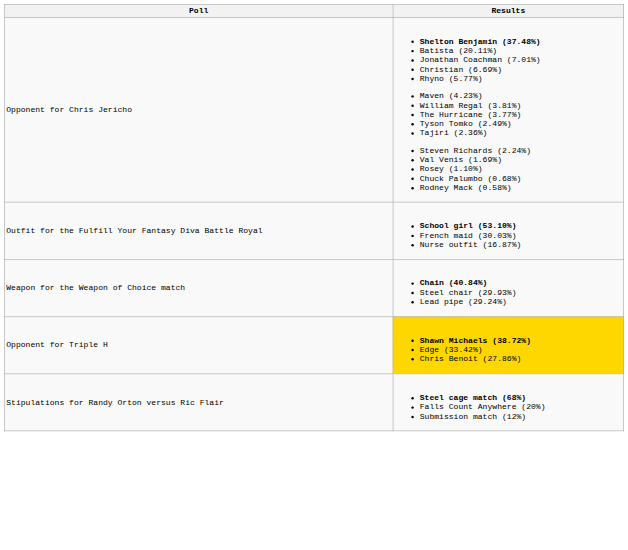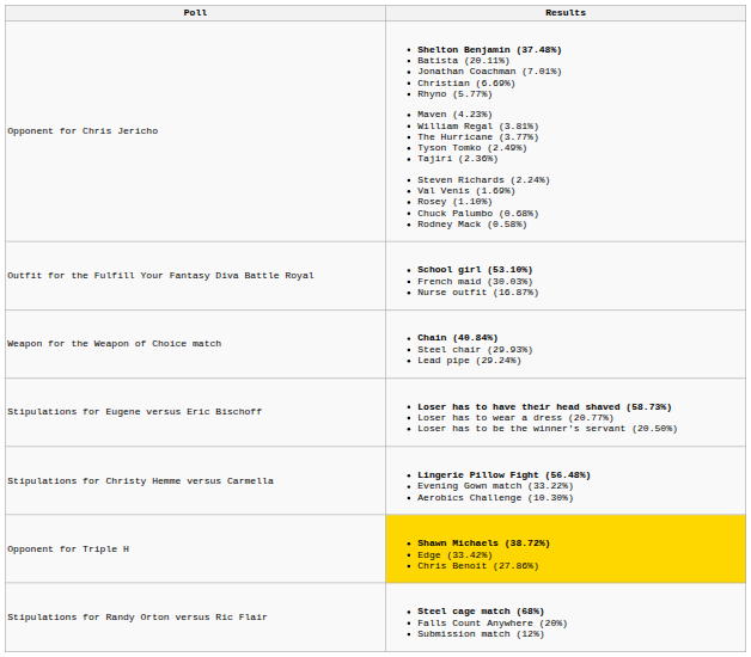 <table class="wikitable" width="1000">
 <tr>
 <th>Poll</th>
 <th>Results</th>
 </tr>
 <tr>
 <td>Opponent for Chris Jericho</td>
 <td><br> <ul><li><strong>Shelton Benjamin (37.48%)</strong></li><li>Batista (20.11%)</li><li>Jonathan Coachman (7.01%)</li><li>Christian (6.69%)</li><li>Rhyno (5.77%)</li></ul><ul><li>Maven (4.23%)</li><li>William Regal (3.81%)</li><li>The Hurricane (3.77%)</li><li>Tyson Tomko (2.49%)</li><li>Tajiri (2.36%)</li></ul><ul><li>Steven Richards (2.24%)</li><li>Val Venis (1.69%)</li><li>Rosey (1.10%)</li><li>Chuck Palumbo (0.68%)</li><li>Rodney Mack (0.58%)</li></ul></td>
 </tr>
 <tr>
 <td>Outfit for the Fulfill Your Fantasy Diva Battle Royal</td>
 <td><br><ul><li><strong>School girl (53.10%)</strong></li><li>French maid (30.03%)</li><li>Nurse outfit (16.87%)</li></ul></td>
 </tr>
 <tr>
 <td>Weapon for the Weapon of Choice match</td>
 <td><br><ul><li><strong>Chain (40.84%)</strong></li><li>Steel chair (29.93%)</li><li>Lead pipe (29.24%)</li></ul></td>
 </tr>
 <tr>
+<td>Stipulations for Eugene versus Eric Bischoff</td>
+<td><br><ul><li><strong>Loser has to have their head shaved (58.73%)</strong></li><li>Loser has to wear a dress (20.77%)</li><li>Loser has to be the winner's servant (20.50%)</li></ul></td>
+</tr>
+<tr>
+<td>Stipulations for Christy Hemme versus Carmella</td>
+<td><br><ul><li><strong>Lingerie Pillow Fight (56.48%)</strong></li><li>Evening Gown match (33.22%)</li><li>Aerobics Challenge (10.30%)</li></ul></td>
+</tr>
+<tr>
 <td>Opponent for Triple H</td>
 <td style="background: gold;"><br><ul><li><strong>Shawn Michaels (38.72%)</strong></li><li>Edge (33.42%)</li><li>Chris Benoit (27.86%)</li></ul></td>
 </tr>
 <tr>
 <td>Stipulations for Randy Orton versus Ric Flair</td>
 <td><br><ul><li><strong>Steel cage match (68%)</strong></li><li>Falls Count Anywhere (20%)</li><li>Submission match (12%)</li></ul></td>
 </tr>
 </table>
